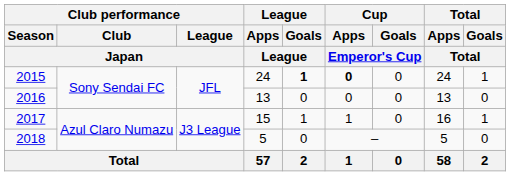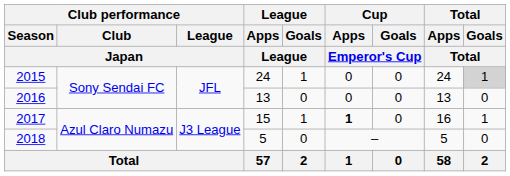 <table class="wikitable" style="text-align:center;">
 <tr>
 <th colspan=3>Club performance</th>
 <th colspan=2>League</th>
 <th colspan=2>Cup</th>
 <th colspan=2>Total</th>
 </tr>
 <tr>
 <th>Season</th>
 <th>Club</th>
 <th>League</th>
 <th>Apps</th>
 <th>Goals</th>
 <th>Apps</th>
 <th>Goals</th>
 <th>Apps</th>
 <th>Goals</th>
 </tr>
 <tr>
 <th colspan=3>Japan</th>
 <th colspan=2>League</th>
 <th colspan=2><a href='#'>Emperor's Cup</a></th>
 <th colspan=2>Total</th>
 </tr>
 <tr>
 <td><a href='#'>2015</a></td>
 <td rowspan="2"><a href='#'>Sony Sendai FC</a></td>
 <td rowspan="2"><a href='#'>JFL</a></td>
 <td>24</td>
-<td><strong>1</strong></td>
-<td><strong>0</strong></td>
+<td>1</td>
+<td>0</td>
 <td>0</td>
 <td>24</td>
-<td>1</td>
+<td style="background: lightgrey;">1</td>
 </tr>
 <tr>
 <td><a href='#'>2016</a></td>
 <td>13</td>
 <td>0</td>
 <td>0</td>
 <td>0</td>
 <td>13</td>
 <td>0</td>
 </tr>
 <tr>
 <td><a href='#'>2017</a></td>
 <td rowspan="2"><a href='#'>Azul Claro Numazu</a></td>
 <td rowspan="2"><a href='#'>J3 League</a></td>
 <td>15</td>
 <td>1</td>
-<td>1</td>
+<td><strong>1</strong></td>
 <td>0</td>
 <td>16</td>
 <td>1</td>
 </tr>
 <tr>
 <td><a href='#'>2018</a></td>
 <td>5</td>
 <td>0</td>
 <td colspan="2">–</td>
 <td>5</td>
 <td>0</td>
 </tr>
 <tr>
 <th colspan=3>Total</th>
 <th>57</th>
 <th>2</th>
 <th>1</th>
 <th>0</th>
 <th>58</th>
 <th>2</th>
 </tr>
 </table>
